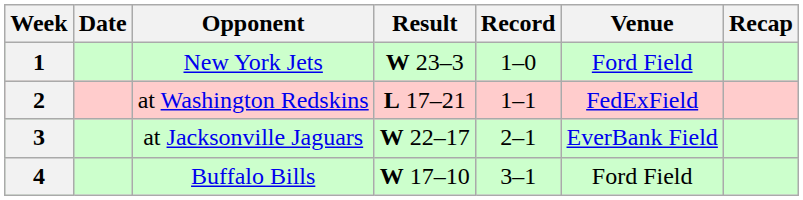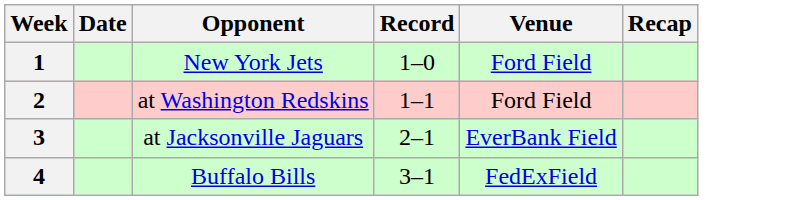 <table class="wikitable" style="text-align:center">
 <tr>
 <th>Week</th>
 <th>Date</th>
 <th>Opponent</th>
-<th>Result</th>
 <th>Record</th>
 <th>Venue</th>
 <th>Recap</th>
 </tr>
 <tr style="background:#cfc">
 <th>1</th>
 <td></td>
 <td><a href='#'>New York Jets</a></td>
-<td><strong>W</strong> 23–3</td>
 <td>1–0</td>
 <td><a href='#'>Ford Field</a></td>
 <td></td>
 </tr>
 <tr style="background:#fcc">
 <th>2</th>
 <td></td>
 <td>at <a href='#'>Washington Redskins</a></td>
-<td><strong>L</strong> 17–21</td>
 <td>1–1</td>
-<td><a href='#'>FedExField</a></td>
+<td>Ford Field</td>
 <td></td>
 </tr>
 <tr style="background:#cfc">
 <th>3</th>
 <td></td>
 <td>at <a href='#'>Jacksonville Jaguars</a></td>
-<td><strong>W</strong> 22–17</td>
 <td>2–1</td>
 <td><a href='#'>EverBank Field</a></td>
 <td></td>
 </tr>
 <tr style="background:#cfc">
 <th>4</th>
 <td></td>
 <td><a href='#'>Buffalo Bills</a></td>
-<td><strong>W</strong> 17–10</td>
 <td>3–1</td>
-<td>Ford Field</td>
+<td><a href='#'>FedExField</a></td>
 <td></td>
 </tr>
 </table>
